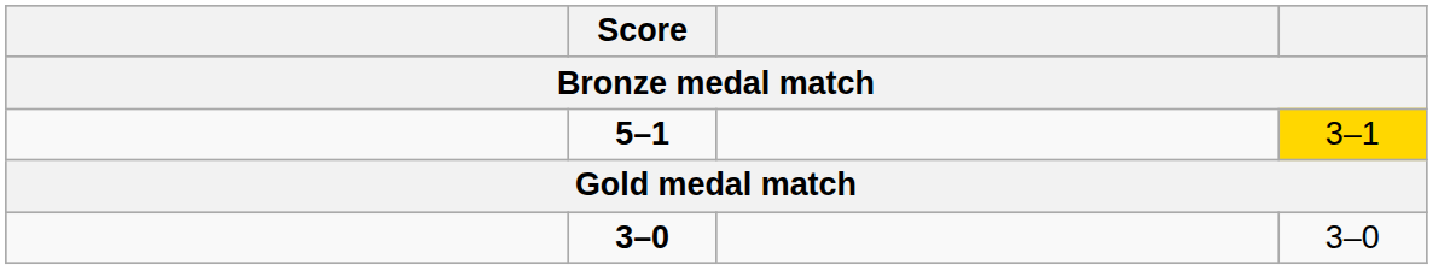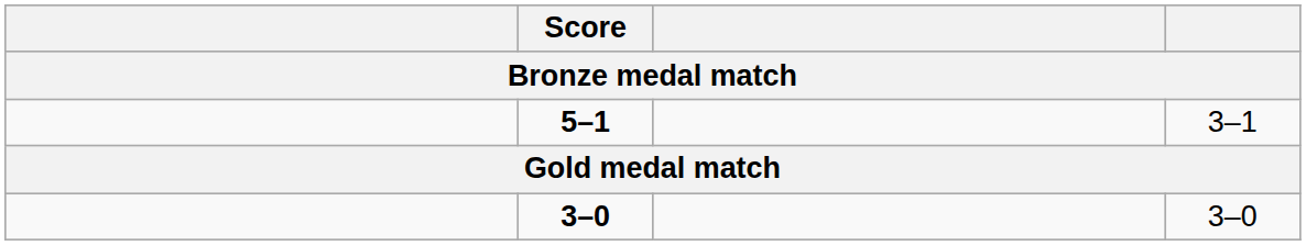 <table class="wikitable" style="text-align: left;">
 <tr>
 <th align="right" width="270"></th>
 <th width="65">Score</th>
 <th align="left" width="270"></th>
 <th width="65"></th>
 </tr>
 <tr>
 <th colspan=4>Bronze medal match</th>
 </tr>
 <tr>
 <td><strong></strong></td>
 <td align="center"><strong>5–1</strong></td>
 <td></td>
-<td align=center style="background: gold;">3–1 <strong></strong></td>
+<td align=center>3–1 <strong></strong></td>
 </tr>
 <tr>
 <th colspan=4>Gold medal match</th>
 </tr>
 <tr>
 <td><strong></strong></td>
 <td align="center"><strong>3–0</strong></td>
 <td></td>
 <td align=center>3–0 <strong></strong></td>
 </tr>
 </table>
